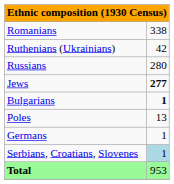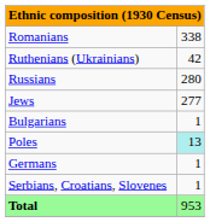 <table class="wikitable" style="display: inline-table;">
 <tr ---->
 <td colspan="4" align="center" bgcolor="#FFA500"><strong>Ethnic composition (1930 Census)</strong></td>
 </tr>
 <tr ---->
 <td align=left><a href='#'>Romanians</a></td>
 <td align=right>338</td>
 </tr>
 <tr ---->
 <td align=left><a href='#'>Ruthenians</a> (<a href='#'>Ukrainians</a>)</td>
 <td align=right>42</td>
 </tr>
 <tr ---->
 <td align=left><a href='#'>Russians</a></td>
 <td align=right>280</td>
 </tr>
 <tr ---->
 <td align=left><a href='#'>Jews</a></td>
-<td align=right><strong>277</strong></td>
+<td align=right>277</td>
 </tr>
 <tr ---->
 <td align=left><a href='#'>Bulgarians</a></td>
-<td align=right><strong>1</strong></td>
+<td align=right>1</td>
 </tr>
 <tr ---->
 <td align=left><a href='#'>Poles</a></td>
-<td align=right>13</td>
+<td align=right style="background: paleturquoise;">13</td>
 </tr>
 <tr ---->
 <td align=left><a href='#'>Germans</a></td>
 <td align=right>1</td>
 </tr>
 <tr ---->
 <td align=left><a href='#'>Serbians</a>, <a href='#'>Croatians</a>, <a href='#'>Slovenes</a></td>
-<td align=right style="background: lightblue;">1</td>
+<td align=right>1</td>
 </tr>
 <tr ---->
 <td align=left bgcolor="#98FB98"><strong>Total</strong></td>
 <td align=right bgcolor="#98FB98">953</td>
 </tr>
 <tr ---->
 </tr>
 </table>
